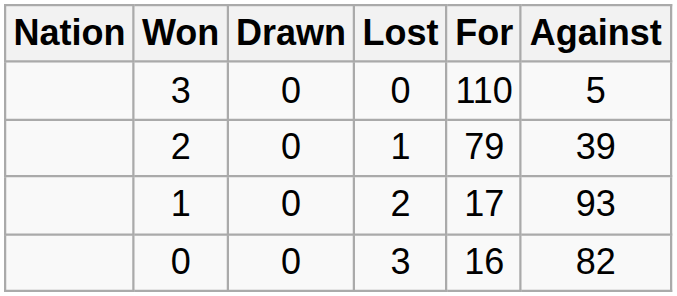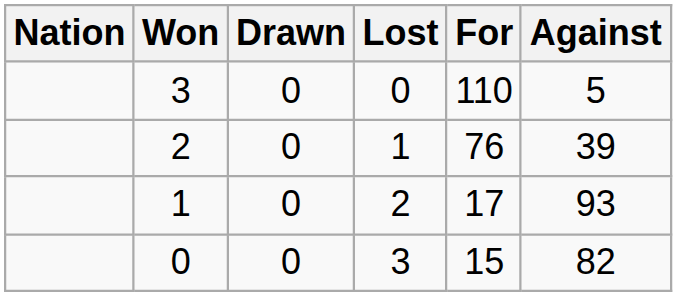 <table class="wikitable" style="text-align: center;">
 <tr>
 <th>Nation</th>
 <th>Won</th>
 <th>Drawn</th>
 <th>Lost</th>
 <th>For</th>
 <th>Against</th>
 </tr>
 <tr>
 <td align="left"></td>
 <td>3</td>
 <td>0</td>
 <td>0</td>
 <td>110</td>
 <td>5</td>
 </tr>
 <tr>
 <td align="left"></td>
 <td>2</td>
 <td>0</td>
 <td>1</td>
-<td>79</td>
+<td>76</td>
 <td>39</td>
 </tr>
 <tr>
 <td align="left"></td>
 <td>1</td>
 <td>0</td>
 <td>2</td>
 <td>17</td>
 <td>93</td>
 </tr>
 <tr>
 <td align="left"></td>
 <td>0</td>
 <td>0</td>
 <td>3</td>
-<td>16</td>
+<td>15</td>
 <td>82</td>
 </tr>
 </table>
